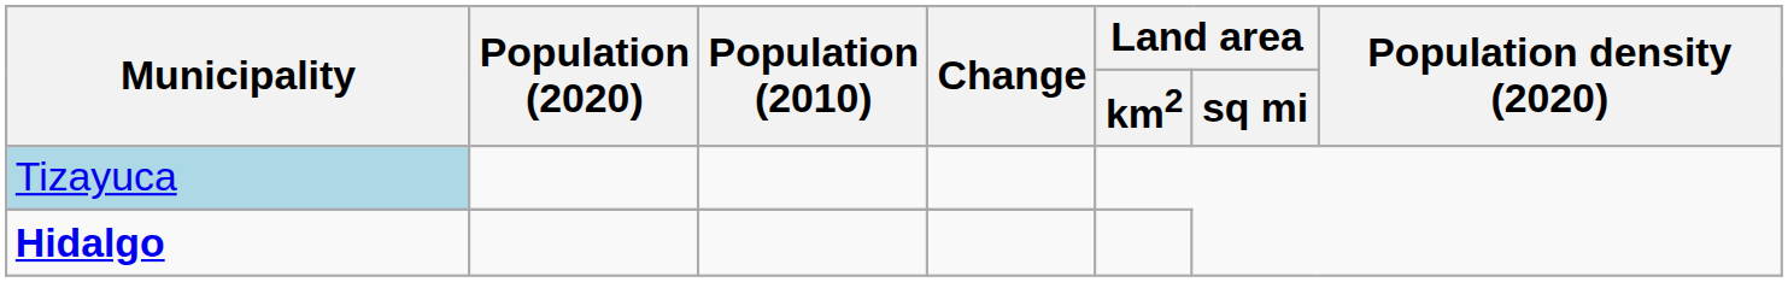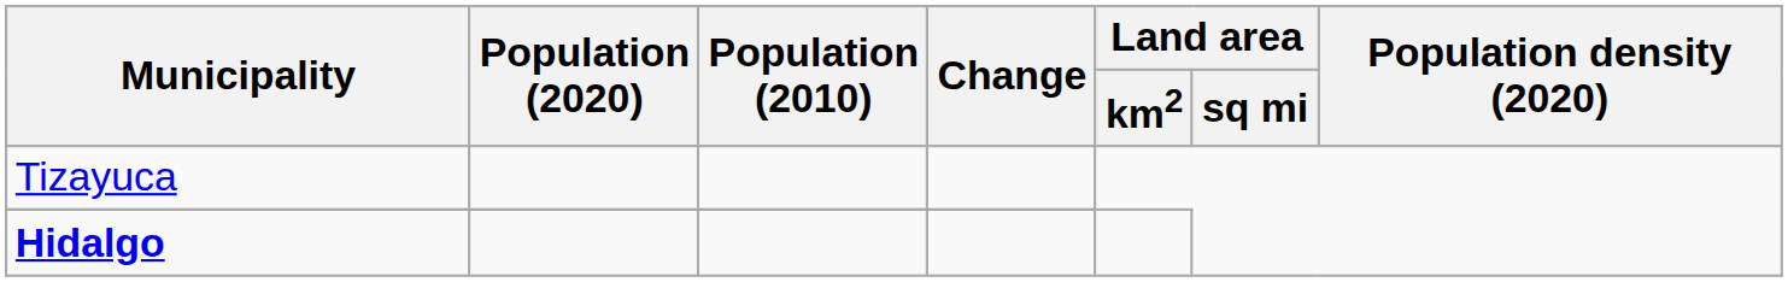 <table class="wikitable sortable" style="text-align:right;">
 <tr>
 <th scope="col"  rowspan=2 width=175>Municipality</th>
 <th scope="col"  rowspan=2>Population<br>(2020)</th>
 <th scope="col"  rowspan=2>Population<br>(2010)</th>
 <th scope="col"  rowspan=2>Change</th>
 <th scope="col" data-sort-type="number"  colspan=2>Land area</th>
 <th scope="col" data-sort-type="number"  rowspan=2 width=175>Population density<br>(2020)</th>
 </tr>
 <tr>
 <th>km<sup>2</sup></th>
 <th>sq mi</th>
 </tr>
 <tr>
-<td scope="row" align="left" style="background: lightblue;"><a href='#'>Tizayuca</a></td>
+<td scope="row" align="left"><a href='#'>Tizayuca</a></td>
 <td></td>
 <td></td>
 <td></td>
 </tr>
 <tr>
 </tr>
 <tr class="sortbottom" style="text-align:center;" style="background: #f2f2f2;">
 <td scope="row" align="left"><strong><a href='#'>Hidalgo</a></strong></td>
 <td></td>
 <td><strong></strong></td>
 <td align="right"><strong></strong></td>
 <td align="right"><strong></strong></td>
 </tr>
 </table>
